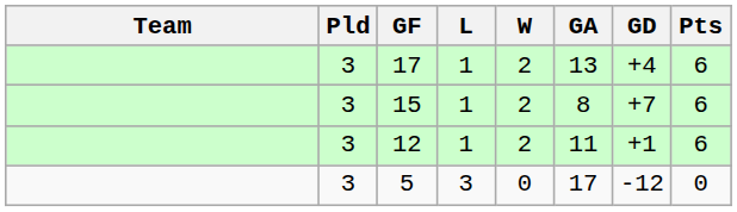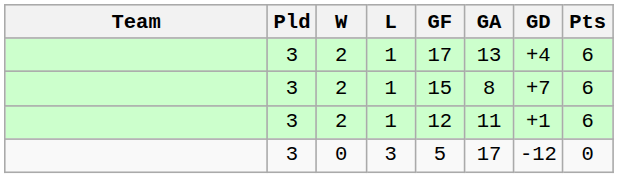 <table class="wikitable" style="text-align:center;">
 <tr>
 <th width=160>Team</th>
 <th width=25>Pld</th>
+<th width=25>W</th>
+<th width=25>L</th>
 <th width=25>GF</th>
-<th width=25>L</th>
-<th width=25>W</th>
 <th width=25>GA</th>
 <th width=25>GD</th>
 <th width=25>Pts</th>
 </tr>
 <tr style="background:#ccffcc;">
 <td align=left></td>
 <td>3</td>
+<td>2</td>
+<td>1</td>
 <td>17</td>
-<td>1</td>
-<td>2</td>
 <td>13</td>
 <td>+4</td>
 <td>6</td>
 </tr>
 <tr style="background:#ccffcc;">
 <td align=left></td>
 <td>3</td>
+<td>2</td>
+<td>1</td>
 <td>15</td>
-<td>1</td>
-<td>2</td>
 <td>8</td>
 <td>+7</td>
 <td>6</td>
 </tr>
 <tr style="background:#ccffcc;">
 <td align=left></td>
 <td>3</td>
+<td>2</td>
+<td>1</td>
 <td>12</td>
-<td>1</td>
-<td>2</td>
 <td>11</td>
 <td>+1</td>
 <td>6</td>
 </tr>
 <tr>
 <td align=left></td>
 <td>3</td>
+<td>0</td>
+<td>3</td>
 <td>5</td>
-<td>3</td>
-<td>0</td>
 <td>17</td>
 <td>-12</td>
 <td>0</td>
 </tr>
 </table>
